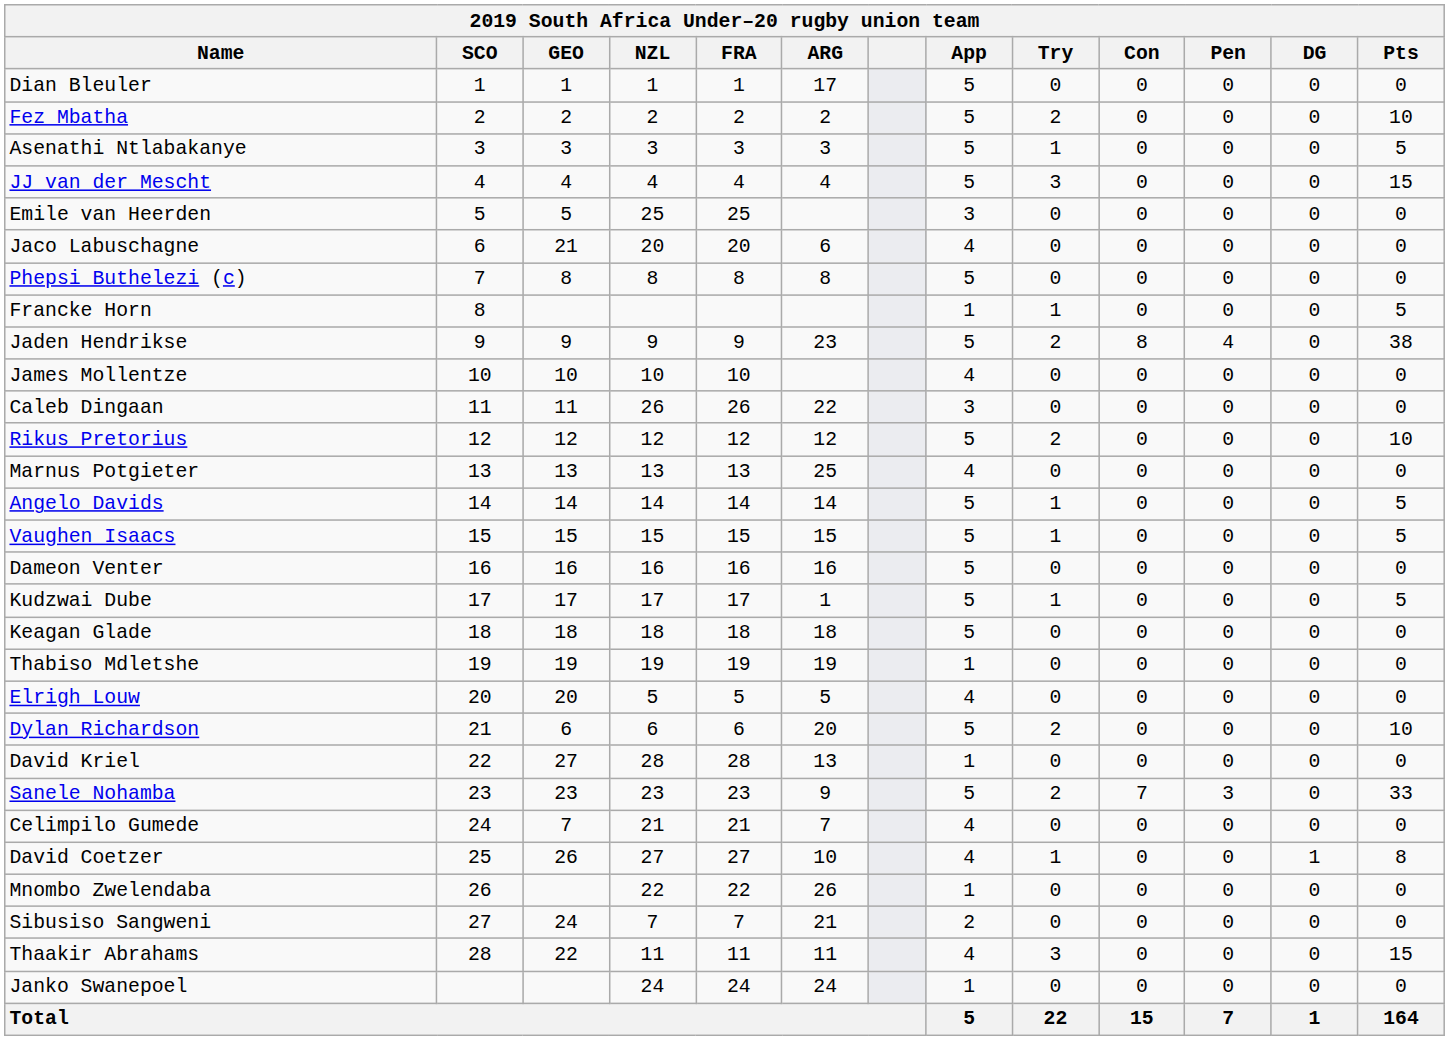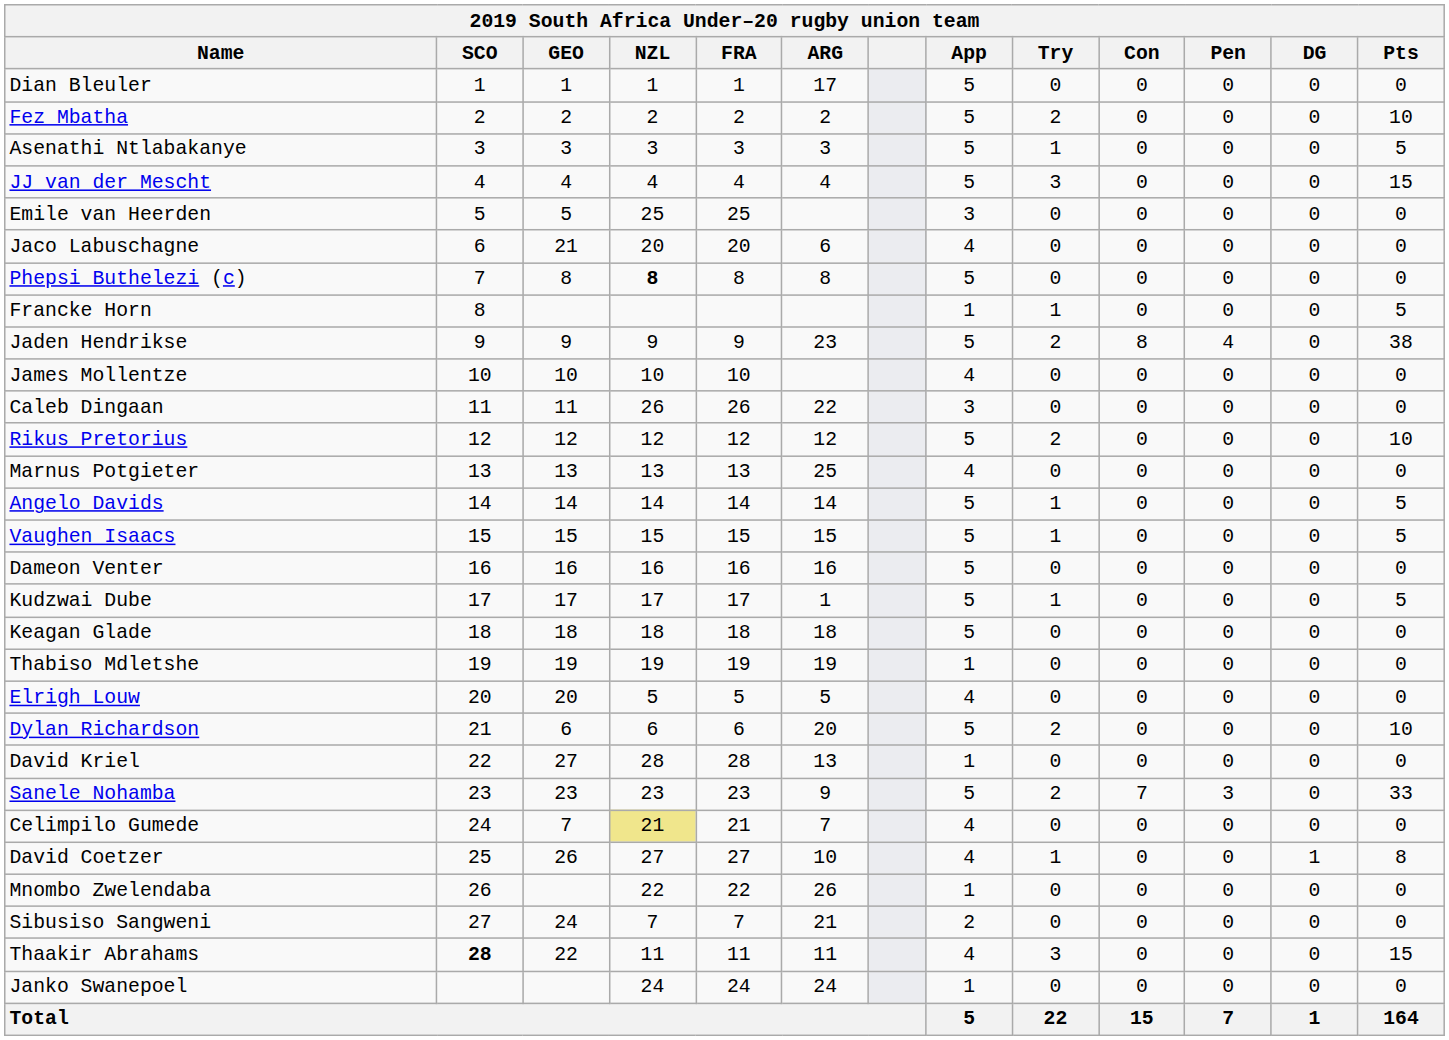 <table class="wikitable" style="text-align:center; width:75%">
 <tr>
 <th colspan="100%">2019 South Africa Under–20 rugby union team</th>
 </tr>
 <tr>
 <th style="width:30%;">Name</th>
 <th style="width:6%;">SCO</th>
 <th style="width:6%;">GEO</th>
 <th style="width:6%;">NZL</th>
 <th style="width:6%;">FRA</th>
 <th style="width:6%;">ARG</th>
 <th style="width:4%;"></th>
 <th style="width:6%;">App</th>
 <th style="width:6%;">Try</th>
 <th style="width:6%;">Con</th>
 <th style="width:6%;">Pen</th>
 <th style="width:6%;">DG</th>
 <th style="width:6%;">Pts</th>
 </tr>
 <tr>
 <td style="text-align:left;">Dian Bleuler</td>
 <td>1</td>
 <td>1</td>
 <td>1</td>
 <td>1</td>
 <td>17 </td>
 <td style="background:#EBECF0;"></td>
 <td>5</td>
 <td>0</td>
 <td>0</td>
 <td>0</td>
 <td>0</td>
 <td>0</td>
 </tr>
 <tr>
 <td style="text-align:left;"><a href='#'>Fez Mbatha</a></td>
 <td>2</td>
 <td>2</td>
 <td>2</td>
 <td>2</td>
 <td>2</td>
 <td style="background:#EBECF0;"></td>
 <td>5</td>
 <td>2</td>
 <td>0</td>
 <td>0</td>
 <td>0</td>
 <td>10</td>
 </tr>
 <tr>
 <td style="text-align:left;">Asenathi Ntlabakanye</td>
 <td>3</td>
 <td>3</td>
 <td>3</td>
 <td>3</td>
 <td>3</td>
 <td style="background:#EBECF0;"></td>
 <td>5</td>
 <td>1</td>
 <td>0</td>
 <td>0</td>
 <td>0</td>
 <td>5</td>
 </tr>
 <tr>
 <td style="text-align:left;"><a href='#'>JJ van der Mescht</a></td>
 <td>4</td>
 <td>4</td>
 <td>4</td>
 <td>4</td>
 <td>4</td>
 <td style="background:#EBECF0;"></td>
 <td>5</td>
 <td>3</td>
 <td>0</td>
 <td>0</td>
 <td>0</td>
 <td>15</td>
 </tr>
 <tr>
 <td style="text-align:left;">Emile van Heerden</td>
 <td>5</td>
 <td>5</td>
 <td>25 </td>
 <td>25</td>
 <td></td>
 <td style="background:#EBECF0;"></td>
 <td>3</td>
 <td>0</td>
 <td>0</td>
 <td>0</td>
 <td>0</td>
 <td>0</td>
 </tr>
 <tr>
 <td style="text-align:left;">Jaco Labuschagne</td>
 <td>6</td>
 <td>21 </td>
 <td>20</td>
 <td>20 </td>
 <td>6</td>
 <td style="background:#EBECF0;"></td>
 <td>4</td>
 <td>0</td>
 <td>0</td>
 <td>0</td>
 <td>0</td>
 <td>0</td>
 </tr>
 <tr>
 <td style="text-align:left;"><a href='#'>Phepsi Buthelezi</a> (<a href='#'>c</a>)</td>
 <td>7</td>
 <td>8</td>
-<td>8</td>
+<td><strong>8</strong></td>
 <td>8</td>
 <td>8</td>
 <td style="background:#EBECF0;"></td>
 <td>5</td>
 <td>0</td>
 <td>0</td>
 <td>0</td>
 <td>0</td>
 <td>0</td>
 </tr>
 <tr>
 <td style="text-align:left;">Francke Horn</td>
 <td>8</td>
 <td></td>
 <td></td>
 <td></td>
 <td></td>
 <td style="background:#EBECF0;"></td>
 <td>1</td>
 <td>1</td>
 <td>0</td>
 <td>0</td>
 <td>0</td>
 <td>5</td>
 </tr>
 <tr>
 <td style="text-align:left;">Jaden Hendrikse</td>
 <td>9</td>
 <td>9</td>
 <td>9</td>
 <td>9</td>
 <td>23 </td>
 <td style="background:#EBECF0;"></td>
 <td>5</td>
 <td>2</td>
 <td>8</td>
 <td>4</td>
 <td>0</td>
 <td>38</td>
 </tr>
 <tr>
 <td style="text-align:left;">James Mollentze</td>
 <td>10</td>
 <td>10</td>
 <td>10</td>
 <td>10</td>
 <td></td>
 <td style="background:#EBECF0;"></td>
 <td>4</td>
 <td>0</td>
 <td>0</td>
 <td>0</td>
 <td>0</td>
 <td>0</td>
 </tr>
 <tr>
 <td style="text-align:left;">Caleb Dingaan</td>
 <td>11</td>
 <td>11</td>
 <td>26</td>
 <td>26</td>
 <td>22 </td>
 <td style="background:#EBECF0;"></td>
 <td>3</td>
 <td>0</td>
 <td>0</td>
 <td>0</td>
 <td>0</td>
 <td>0</td>
 </tr>
 <tr>
 <td style="text-align:left;"><a href='#'>Rikus Pretorius</a></td>
 <td>12</td>
 <td>12</td>
 <td>12</td>
 <td>12</td>
 <td>12</td>
 <td style="background:#EBECF0;"></td>
 <td>5</td>
 <td>2</td>
 <td>0</td>
 <td>0</td>
 <td>0</td>
 <td>10</td>
 </tr>
 <tr>
 <td style="text-align:left;">Marnus Potgieter</td>
 <td>13</td>
 <td>13</td>
 <td>13</td>
 <td>13</td>
 <td>25</td>
 <td style="background:#EBECF0;"></td>
 <td>4</td>
 <td>0</td>
 <td>0</td>
 <td>0</td>
 <td>0</td>
 <td>0</td>
 </tr>
 <tr>
 <td style="text-align:left;"><a href='#'>Angelo Davids</a></td>
 <td>14</td>
 <td>14</td>
 <td>14</td>
 <td>14</td>
 <td>14</td>
 <td style="background:#EBECF0;"></td>
 <td>5</td>
 <td>1</td>
 <td>0</td>
 <td>0</td>
 <td>0</td>
 <td>5</td>
 </tr>
 <tr>
 <td style="text-align:left;"><a href='#'>Vaughen Isaacs</a></td>
 <td>15</td>
 <td>15</td>
 <td>15</td>
 <td>15</td>
 <td>15</td>
 <td style="background:#EBECF0;"></td>
 <td>5</td>
 <td>1</td>
 <td>0</td>
 <td>0</td>
 <td>0</td>
 <td>5</td>
 </tr>
 <tr>
 <td style="text-align:left;">Dameon Venter</td>
 <td>16 </td>
 <td>16 </td>
 <td>16 </td>
 <td>16 </td>
 <td>16 </td>
 <td style="background:#EBECF0;"></td>
 <td>5</td>
 <td>0</td>
 <td>0</td>
 <td>0</td>
 <td>0</td>
 <td>0</td>
 </tr>
 <tr>
 <td style="text-align:left;">Kudzwai Dube</td>
 <td>17 </td>
 <td>17 </td>
 <td>17 </td>
 <td>17 </td>
 <td>1</td>
 <td style="background:#EBECF0;"></td>
 <td>5</td>
 <td>1</td>
 <td>0</td>
 <td>0</td>
 <td>0</td>
 <td>5</td>
 </tr>
 <tr>
 <td style="text-align:left;">Keagan Glade</td>
 <td>18 </td>
 <td>18 </td>
 <td>18 </td>
 <td>18 </td>
 <td>18 </td>
 <td style="background:#EBECF0;"></td>
 <td>5</td>
 <td>0</td>
 <td>0</td>
 <td>0</td>
 <td>0</td>
 <td>0</td>
 </tr>
 <tr>
 <td style="text-align:left;">Thabiso Mdletshe</td>
 <td>19</td>
 <td>19</td>
 <td>19</td>
 <td>19</td>
 <td>19 </td>
 <td style="background:#EBECF0;"></td>
 <td>1</td>
 <td>0</td>
 <td>0</td>
 <td>0</td>
 <td>0</td>
 <td>0</td>
 </tr>
 <tr>
 <td style="text-align:left;"><a href='#'>Elrigh Louw</a></td>
 <td>20</td>
 <td>20 </td>
 <td>5</td>
 <td>5</td>
 <td>5</td>
 <td style="background:#EBECF0;"></td>
 <td>4</td>
 <td>0</td>
 <td>0</td>
 <td>0</td>
 <td>0</td>
 <td>0</td>
 </tr>
 <tr>
 <td style="text-align:left;"><a href='#'>Dylan Richardson</a></td>
 <td>21 </td>
 <td>6</td>
 <td>6</td>
 <td>6</td>
 <td>20 </td>
 <td style="background:#EBECF0;"></td>
 <td>5</td>
 <td>2</td>
 <td>0</td>
 <td>0</td>
 <td>0</td>
 <td>10</td>
 </tr>
 <tr>
 <td style="text-align:left;">David Kriel</td>
 <td>22</td>
 <td>27</td>
 <td>28</td>
 <td>28</td>
 <td>13</td>
 <td style="background:#EBECF0;"></td>
 <td>1</td>
 <td>0</td>
 <td>0</td>
 <td>0</td>
 <td>0</td>
 <td>0</td>
 </tr>
 <tr>
 <td style="text-align:left;"><a href='#'>Sanele Nohamba</a></td>
 <td>23 </td>
 <td>23 </td>
 <td>23 </td>
 <td>23 </td>
 <td>9</td>
 <td style="background:#EBECF0;"></td>
 <td>5</td>
 <td>2</td>
 <td>7</td>
 <td>3</td>
 <td>0</td>
 <td>33</td>
 </tr>
 <tr>
 <td style="text-align:left;">Celimpilo Gumede</td>
 <td>24 </td>
 <td>7</td>
-<td>21 </td>
+<td style="background: khaki;">21 </td>
 <td>21</td>
 <td>7</td>
 <td style="background:#EBECF0;"></td>
 <td>4</td>
 <td>0</td>
 <td>0</td>
 <td>0</td>
 <td>0</td>
 <td>0</td>
 </tr>
 <tr>
 <td style="text-align:left;">David Coetzer</td>
 <td>25</td>
 <td>26 </td>
 <td>27 </td>
 <td>27 </td>
 <td>10</td>
 <td style="background:#EBECF0;"></td>
 <td>4</td>
 <td>1</td>
 <td>0</td>
 <td>0</td>
 <td>1</td>
 <td>8</td>
 </tr>
 <tr>
 <td style="text-align:left;">Mnombo Zwelendaba</td>
 <td>26</td>
 <td></td>
 <td>22</td>
 <td>22 </td>
 <td>26</td>
 <td style="background:#EBECF0;"></td>
 <td>1</td>
 <td>0</td>
 <td>0</td>
 <td>0</td>
 <td>0</td>
 <td>0</td>
 </tr>
 <tr>
 <td style="text-align:left;">Sibusiso Sangweni</td>
 <td>27</td>
 <td>24</td>
 <td>7</td>
 <td>7</td>
 <td>21</td>
 <td style="background:#EBECF0;"></td>
 <td>2</td>
 <td>0</td>
 <td>0</td>
 <td>0</td>
 <td>0</td>
 <td>0</td>
 </tr>
 <tr>
 <td style="text-align:left;">Thaakir Abrahams</td>
-<td>28</td>
+<td><strong>28</strong></td>
 <td>22 </td>
 <td>11</td>
 <td>11</td>
 <td>11</td>
 <td style="background:#EBECF0;"></td>
 <td>4</td>
 <td>3</td>
 <td>0</td>
 <td>0</td>
 <td>0</td>
 <td>15</td>
 </tr>
 <tr>
 <td style="text-align:left;">Janko Swanepoel</td>
 <td></td>
 <td></td>
 <td>24</td>
 <td>24</td>
 <td>24 </td>
 <td style="background:#EBECF0;"></td>
 <td>1</td>
 <td>0</td>
 <td>0</td>
 <td>0</td>
 <td>0</td>
 <td>0</td>
 </tr>
 <tr>
 <th colspan="7" style="text-align:left;">Total</th>
 <th>5</th>
 <th>22</th>
 <th>15</th>
 <th>7</th>
 <th>1</th>
 <th>164</th>
 </tr>
 </table>
